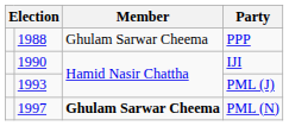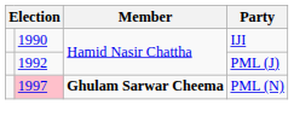 <table class="wikitable">
 <tr>
 <th colspan="2">Election</th>
 <th>Member</th>
 <th>Party</th>
-</tr>
-<tr>
-<td style="background-color: "></td>
-<td><a href='#'>1988</a></td>
-<td>Ghulam Sarwar Cheema</td>
-<td><a href='#'>PPP</a></td>
 </tr>
 <tr>
 <td style="background-color: "></td>
 <td><a href='#'>1990</a></td>
 <td rowspan="2"><a href='#'>Hamid Nasir Chattha</a></td>
 <td><a href='#'>IJI</a></td>
 </tr>
 <tr>
 <td style="background-color: "></td>
-<td><a href='#'>1993</a></td>
+<td><a href='#'>1992</a></td>
 <td><a href='#'>PML (J)</a></td>
 </tr>
 <tr>
 <td style="background-color: "></td>
-<td><a href='#'>1997</a></td>
+<td style="background: pink;"><a href='#'>1997</a></td>
 <td><strong>Ghulam Sarwar Cheema</strong></td>
 <td><a href='#'>PML (N)</a></td>
 </tr>
 </table>
